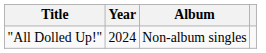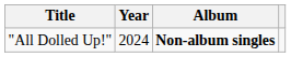 <table class="wikitable plainrowheaders sortable">
 <tr>
 <th>Title</th>
 <th>Year</th>
 <th>Album</th>
 <th style="text-align: center;" class="unsortable"></th>
 </tr>
 <tr>
 <td>"All Dolled Up!"</td>
 <td>2024</td>
-<td>Non-album singles</td>
+<td><strong>Non-album singles</strong></td>
 <td style="text-align: center;"></td>
 </tr>
 </table>
